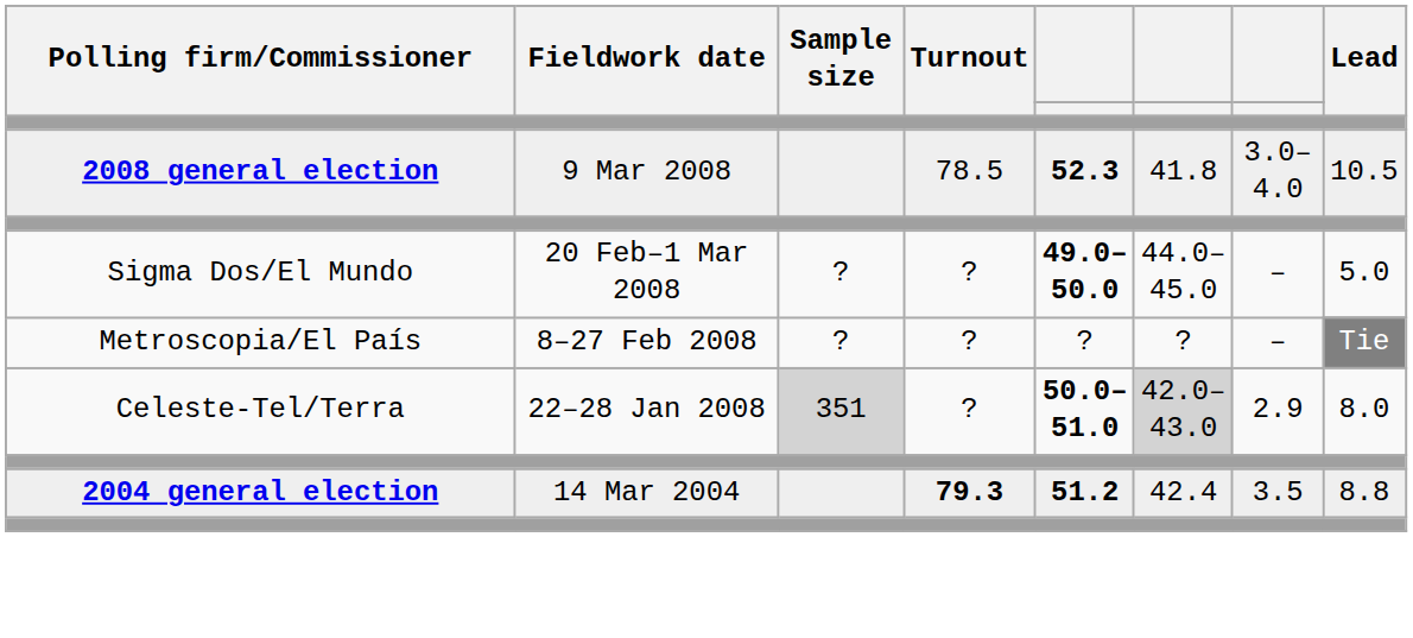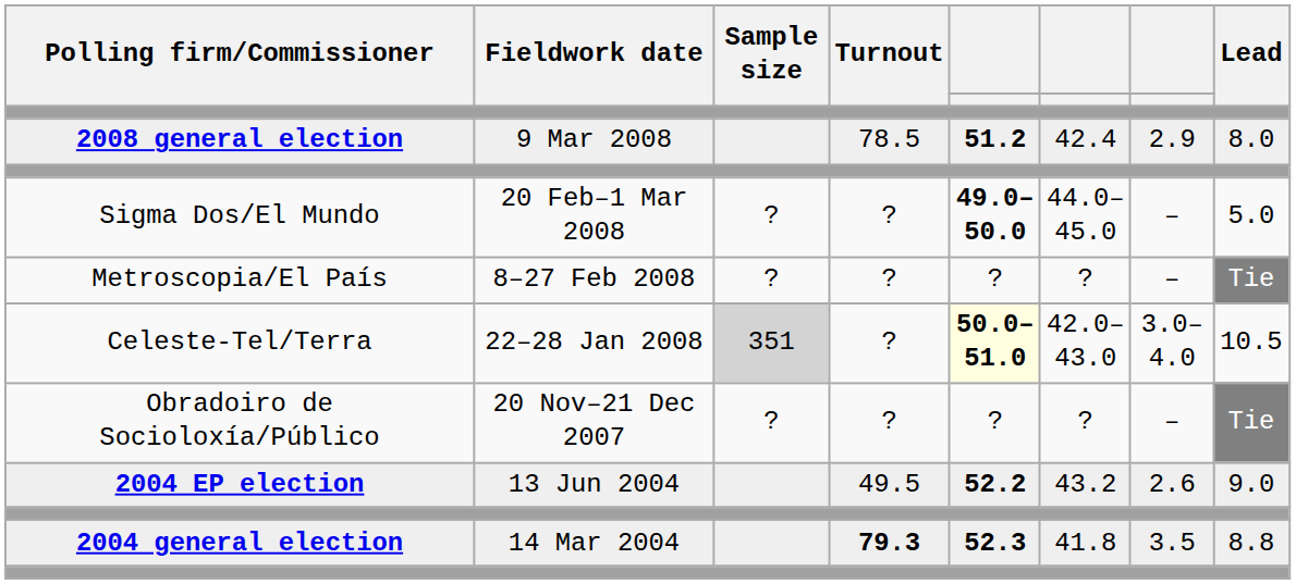 <table class="wikitable collapsible collapsed" style="text-align:center; font-size:95%; line-height:16px;">
 <tr style="height:42px;">
 <th style="width:250px;" rowspan="2">Polling firm/Commissioner</th>
 <th style="width:125px;" rowspan="2">Fieldwork date</th>
 <th style="width:50px;" rowspan="2">Sample size</th>
 <th style="width:45px;" rowspan="2">Turnout</th>
 <th style="width:35px;"></th>
 <th style="width:35px;"></th>
 <th style="width:35px;"></th>
 <th style="width:30px;" rowspan="2">Lead</th>
 </tr>
 <tr>
 <th style="color:inherit;background:"></th>
 <th style="color:inherit;background:"></th>
 <th style="color:inherit;background:"></th>
 </tr>
 <tr>
 <td colspan="8" style="background:#A0A0A0"></td>
 </tr>
 <tr style="background:#EFEFEF;">
 <td><strong><a href='#'>2008 general election</a></strong></td>
 <td>9 Mar 2008</td>
 <td></td>
 <td>78.5</td>
-<td><strong>52.3</strong><br></td>
-<td>41.8<br></td>
-<td>3.0–<br>4.0<br></td>
-<td style="background:">10.5</td>
+<td><strong>51.2</strong><br></td>
+<td>42.4<br></td>
+<td>2.9<br></td>
+<td style="background:">8.0</td>
 </tr>
 <tr>
 <td colspan="8" style="background:#A0A0A0"></td>
 </tr>
 <tr>
 <td>Sigma Dos/El Mundo</td>
 <td>20 Feb–1 Mar 2008</td>
 <td>?</td>
 <td>?</td>
 <td><strong>49.0–<br>50.0</strong><br></td>
 <td>44.0–<br>45.0<br></td>
 <td>–</td>
 <td style="background:">5.0</td>
 </tr>
 <tr>
 <td>Metroscopia/El País</td>
 <td>8–27 Feb 2008</td>
 <td>?</td>
 <td>?</td>
 <td>?<br></td>
 <td>?<br></td>
 <td>–</td>
 <td style="background:gray;color:white;">Tie</td>
 </tr>
 <tr>
 <td>Celeste-Tel/Terra</td>
 <td>22–28 Jan 2008</td>
 <td style="background: lightgrey;">351</td>
 <td>?</td>
-<td><strong>50.0–<br>51.0</strong><br></td>
-<td style="background: lightgrey;">42.0–<br>43.0<br></td>
-<td>2.9<br></td>
-<td style="background:">8.0</td>
+<td style="background: lightyellow;"><strong>50.0–<br>51.0</strong><br></td>
+<td>42.0–<br>43.0<br></td>
+<td>3.0–<br>4.0<br></td>
+<td style="background:">10.5</td>
+</tr>
+<tr>
+<td>Obradoiro de Socioloxía/Público</td>
+<td>20 Nov–21 Dec 2007</td>
+<td>?</td>
+<td>?</td>
+<td>?<br></td>
+<td>?<br></td>
+<td>–</td>
+<td style="background:gray;color:white;">Tie</td>
+</tr>
+<tr style="background:#EFEFEF;">
+<td><strong><a href='#'>2004 EP election</a></strong></td>
+<td>13 Jun 2004</td>
+<td></td>
+<td>49.5</td>
+<td><strong>52.2</strong><br></td>
+<td>43.2<br></td>
+<td>2.6<br></td>
+<td style="background:">9.0</td>
 </tr>
 <tr>
 <td colspan="8" style="background:#A0A0A0"></td>
 </tr>
 <tr style="background:#EFEFEF;">
 <td><strong><a href='#'>2004 general election</a></strong></td>
 <td>14 Mar 2004</td>
 <td></td>
 <td><strong>79.3</strong></td>
-<td><strong>51.2</strong><br></td>
-<td>42.4<br></td>
+<td><strong>52.3</strong><br></td>
+<td>41.8<br></td>
 <td>3.5<br></td>
 <td style="background:">8.8</td>
 </tr>
 <tr>
 <td colspan="8" style="background:#A0A0A0"></td>
 </tr>
 </table>
